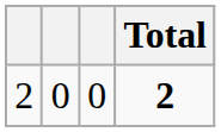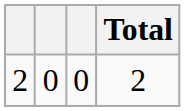 <table class="wikitable">
 <tr>
 <th></th>
 <th></th>
 <th></th>
 <th>Total</th>
 </tr>
 <tr style="text-align:center;">
 <td>2</td>
 <td>0</td>
 <td>0</td>
-<td><strong>2</strong></td>
+<td>2</td>
 </tr>
 </table>
